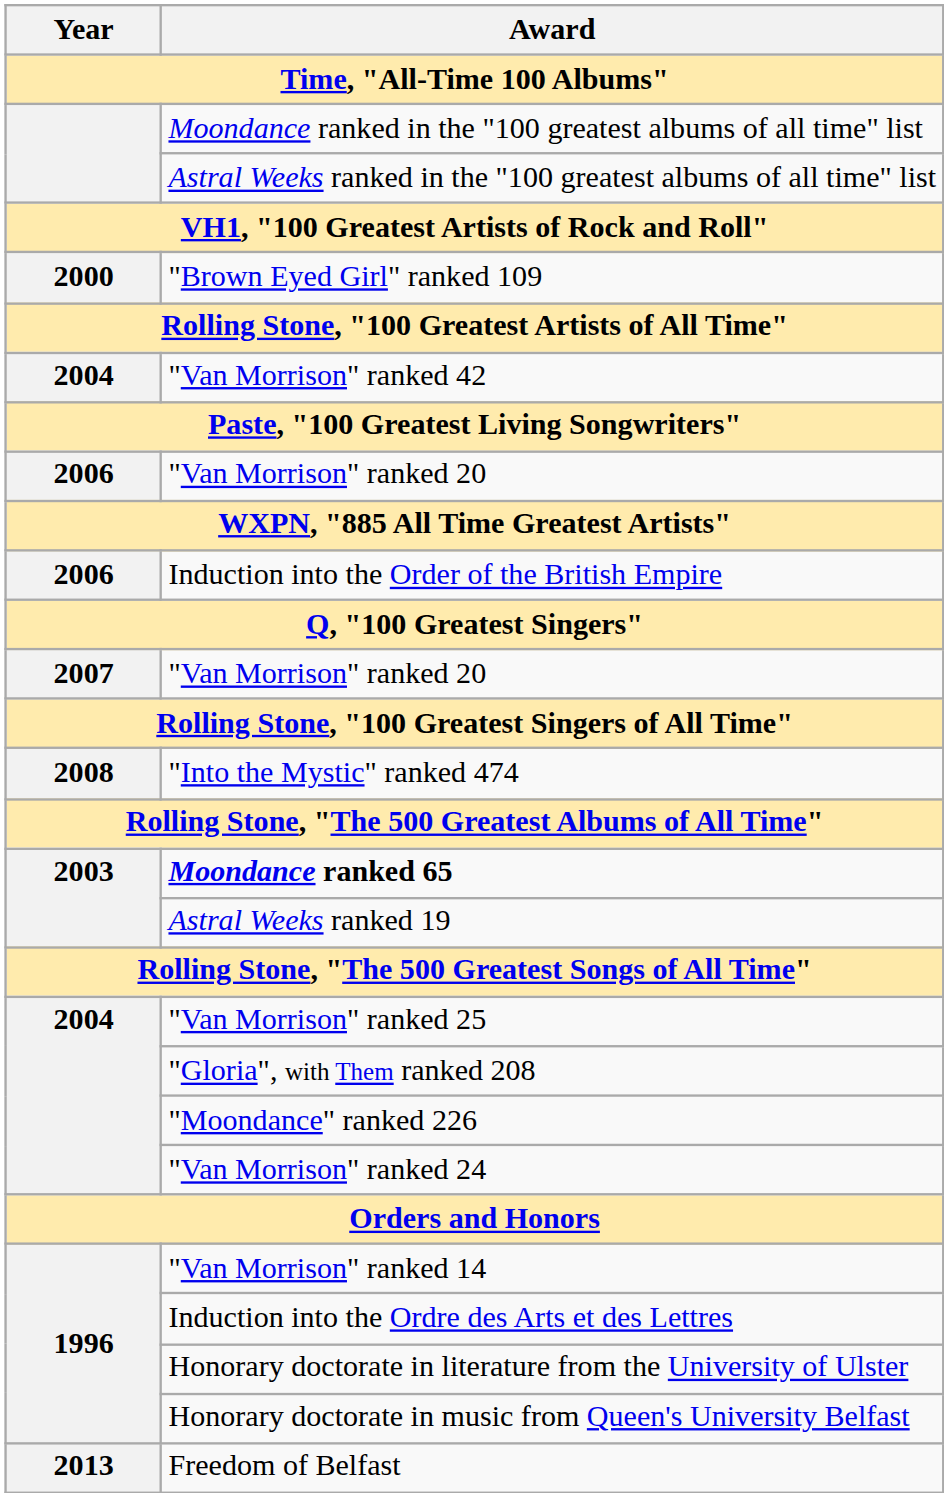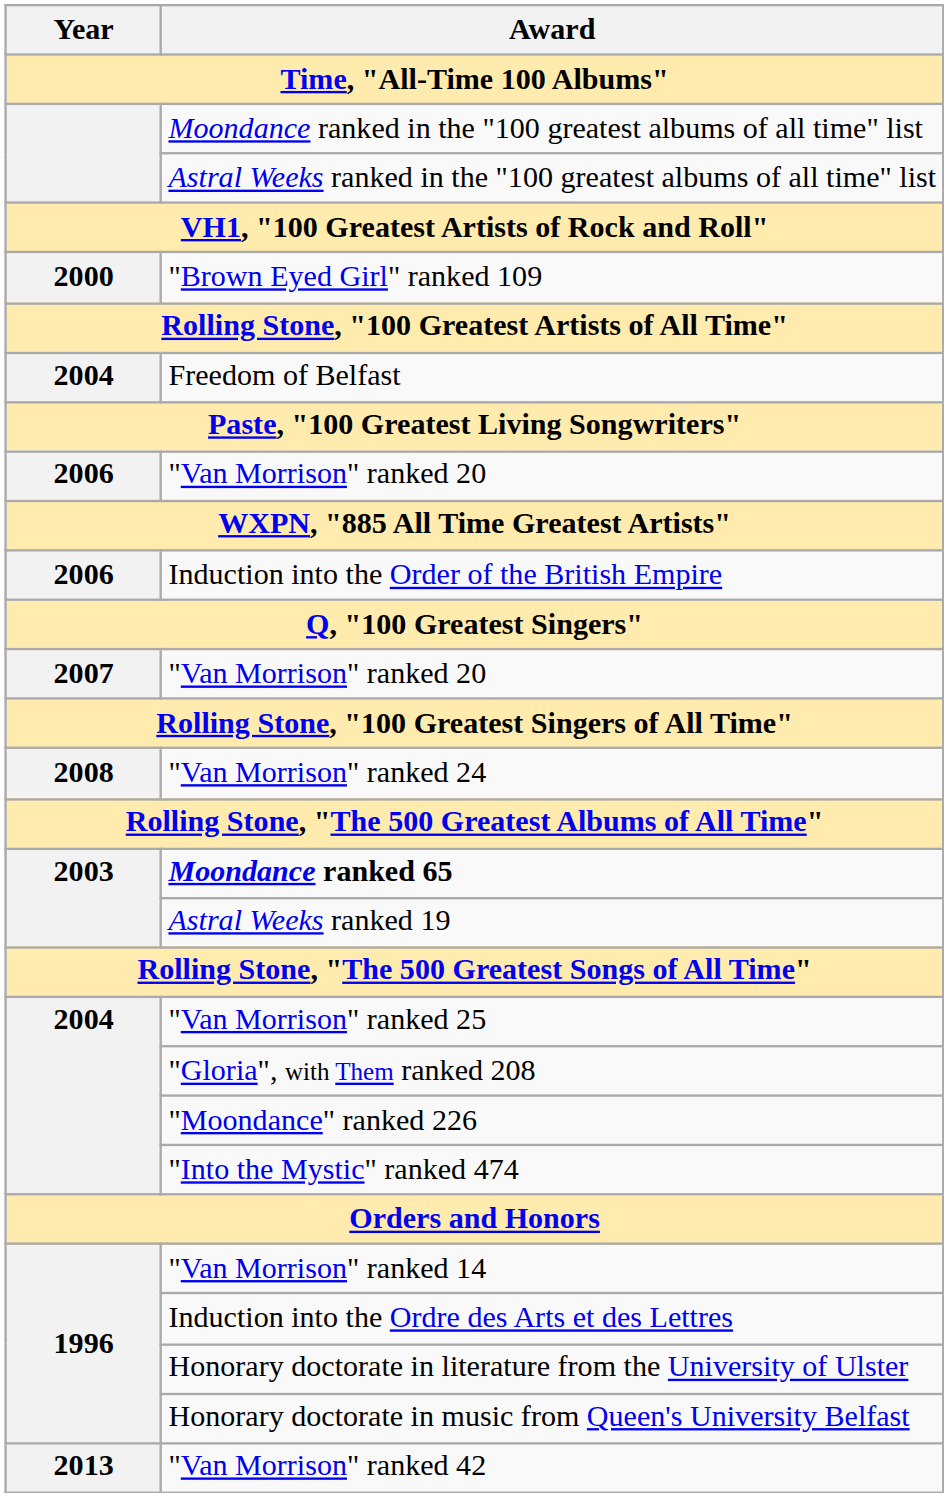 <table class="wikitable" style="font-size:80%; float:right;margin:0 0 0.5em 1em;">
 <tr>
 <th style="width:60px;">Year</th>
 <th>Award</th>
 </tr>
 <tr>
 <td colspan="2" align="center" bgcolor="#ffebad"><strong><a href='#'>Time</a>, "All-Time 100 Albums"</strong></td>
 </tr>
 <tr valign="top">
 <th rowspan="2" style="text-align:center;"></th>
 <td><em><a href='#'>Moondance</a></em> ranked in the "100 greatest albums of all time" list</td>
 </tr>
 <tr>
 <td><em><a href='#'>Astral Weeks</a></em> ranked in the "100 greatest albums of all time" list</td>
 </tr>
 <tr>
 <td colspan="2" align="center" bgcolor="#ffebad"><strong><a href='#'>VH1</a>, "100 Greatest Artists of Rock and Roll"</strong></td>
 </tr>
 <tr valign="top">
 <th>2000</th>
 <td>"<a href='#'>Brown Eyed Girl</a>" ranked 109</td>
 </tr>
 <tr>
 <td colspan="2" align="center" bgcolor="#ffebad"><strong><a href='#'>Rolling Stone</a>, "100 Greatest Artists of All Time"</strong></td>
 </tr>
 <tr valign="top">
 <th>2004</th>
-<td>"<a href='#'>Van Morrison</a>" ranked 42</td>
+<td>Freedom of Belfast</td>
 </tr>
 <tr>
 <td colspan="2" align="center" bgcolor="#ffebad"><strong><a href='#'>Paste</a>, "100 Greatest Living Songwriters"</strong></td>
 </tr>
 <tr valign="top">
 <th>2006</th>
 <td>"<a href='#'>Van Morrison</a>" ranked 20</td>
 </tr>
 <tr>
 <td colspan="2" align="center" bgcolor="#ffebad"><strong><a href='#'>WXPN</a>, "885 All Time Greatest Artists"</strong></td>
 </tr>
 <tr valign="top">
 <th>2006</th>
 <td>Induction into the <a href='#'>Order of the British Empire</a></td>
 </tr>
 <tr>
 <td colspan="2" align="center" bgcolor="#ffebad"><strong><a href='#'>Q</a>, "100 Greatest Singers"</strong></td>
 </tr>
 <tr valign="top">
 <th>2007</th>
 <td>"<a href='#'>Van Morrison</a>" ranked 20</td>
 </tr>
 <tr>
 <td colspan="2" align="center" bgcolor="#ffebad"><strong><a href='#'>Rolling Stone</a>, "100 Greatest Singers of All Time"</strong></td>
 </tr>
 <tr valign="top">
 <th>2008</th>
-<td>"<a href='#'>Into the Mystic</a>" ranked 474</td>
+<td>"<a href='#'>Van Morrison</a>" ranked 24</td>
 </tr>
 <tr>
 <td colspan="2" align="center" bgcolor="#ffebad"><strong><a href='#'>Rolling Stone</a>, "<a href='#'>The 500 Greatest Albums of All Time</a>"</strong></td>
 </tr>
 <tr valign="top">
 <th rowspan="2" style="text-align:center;">2003</th>
 <td><strong><em><a href='#'>Moondance</a></em> ranked 65</strong></td>
 </tr>
 <tr>
 <td><em><a href='#'>Astral Weeks</a></em> ranked 19</td>
 </tr>
 <tr>
 <td colspan="2" align="center" bgcolor="#ffebad"><strong><a href='#'>Rolling Stone</a>, "<a href='#'>The 500 Greatest Songs of All Time</a>"</strong></td>
 </tr>
 <tr valign="top">
 <th rowspan="4" style="text-align:center;">2004</th>
 <td>"<a href='#'>Van Morrison</a>" ranked 25</td>
 </tr>
 <tr>
 <td>"<a href='#'>Gloria</a>", <small>with <a href='#'>Them</a></small> ranked 208</td>
 </tr>
 <tr>
 <td>"<a href='#'>Moondance</a>" ranked 226</td>
 </tr>
 <tr>
-<td>"<a href='#'>Van Morrison</a>" ranked 24</td>
+<td>"<a href='#'>Into the Mystic</a>" ranked 474</td>
 </tr>
 <tr>
 <td colspan="2" align="center" bgcolor="#ffebad"><strong><a href='#'>Orders and Honors</a></strong></td>
 </tr>
 <tr>
 <th rowspan="4">1996</th>
 <td>"<a href='#'>Van Morrison</a>" ranked 14</td>
 </tr>
 <tr>
 <td>Induction into the <a href='#'>Ordre des Arts et des Lettres</a></td>
 </tr>
 <tr>
 <td>Honorary doctorate in literature from the <a href='#'>University of Ulster</a></td>
 </tr>
 <tr>
 <td>Honorary doctorate in music from <a href='#'>Queen's University Belfast</a></td>
 </tr>
 <tr>
 <th rowspan="4">2013</th>
-<td>Freedom of Belfast</td>
+<td>"<a href='#'>Van Morrison</a>" ranked 42</td>
 </tr>
 </table>
